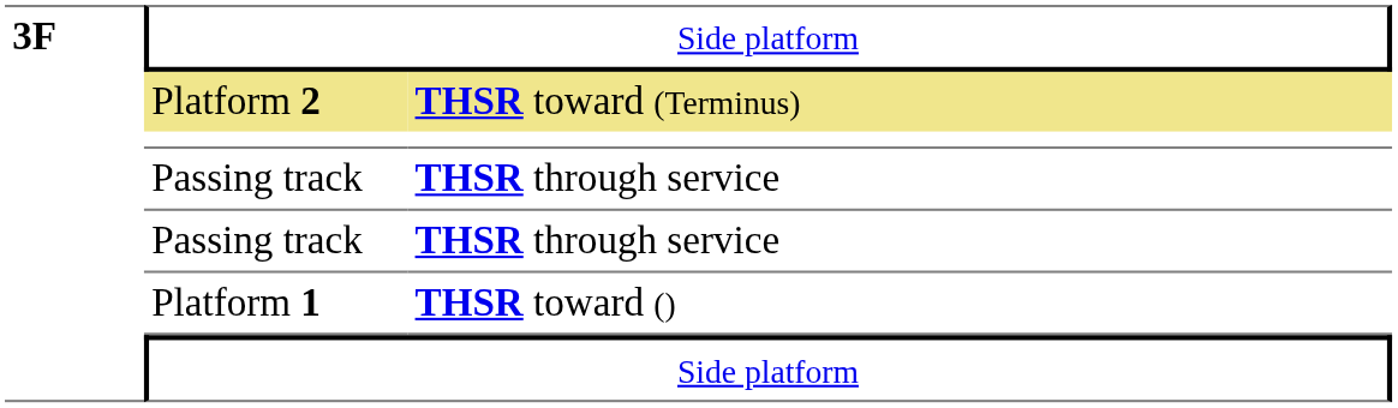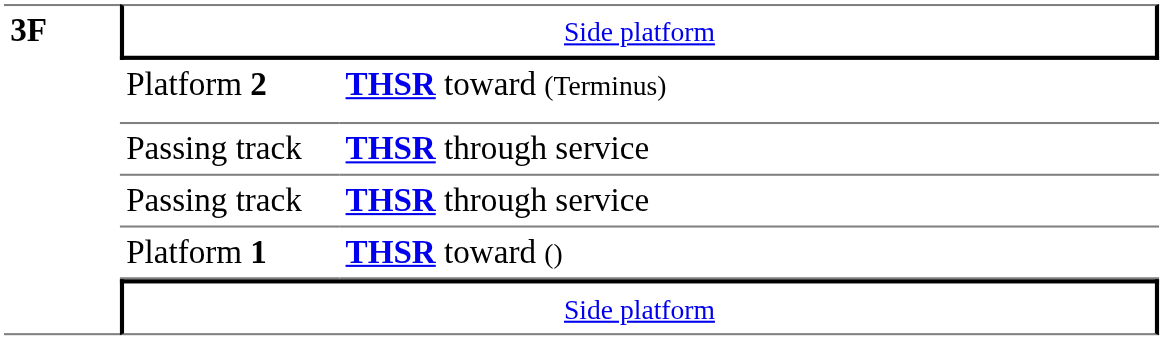 <table border=0 cellspacing=0 cellpadding=3>
 <tr>
 <td style="border-bottom:solid 1px gray;border-top:solid 1px gray;" width=50 rowspan=38 valign=top><strong>3F</strong></td>
 </tr>
 <tr>
 <td style="border-right:solid 2px black;border-left:solid 2px black;border-bottom:solid 2px black;border-top:solid 1px gray;text-align:center;" colspan=2><small><a href='#'>Side platform</a></small></td>
 </tr>
 <tr>
-<td style="background: khaki;">Platform <span><strong>2</strong></span></td>
-<td style="background: khaki;"><strong><a href='#'><span>THSR</span></a></strong> toward  <small>(Terminus)</small></td>
+<td>Platform <span><strong>2</strong></span></td>
+<td><strong><a href='#'><span>THSR</span></a></strong> toward  <small>(Terminus)</small></td>
 </tr>
 <tr>
 <td style="border-bottom:solid 1px gray;" width=100></td>
 <td style="border-bottom:solid 1px gray;" width=390></td>
 </tr>
 <tr>
 <td style="border-bottom:solid 1px gray;">Passing track</td>
 <td style="border-bottom:solid 1px gray;"><strong><a href='#'><span>THSR</span></a></strong>  through service</td>
 </tr>
 <tr>
 <td style="border-bottom:solid 1px gray;">Passing track</td>
 <td style="border-bottom:solid 1px gray;"><strong><a href='#'><span>THSR</span></a></strong> through service</td>
 </tr>
 <tr>
 <td style="border-bottom:solid 1px gray;" width=100>Platform <span><strong>1</strong></span></td>
 <td style="border-bottom:solid 1px gray;" width=390><strong><a href='#'><span>THSR</span></a></strong> toward  <small>()</small></td>
 </tr>
 <tr>
 <td style="border-top:solid 2px black;border-right:solid 2px black;border-left:solid 2px black;border-bottom:solid 1px gray;text-align:center;" colspan=2><small><a href='#'>Side platform</a></small></td>
 </tr>
 </table>
